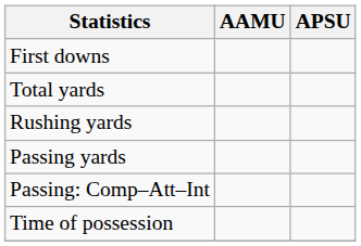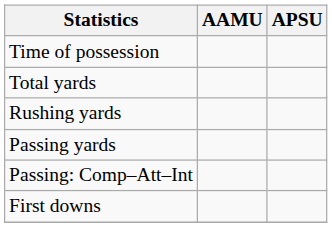 <table class="wikitable" style="float: left;">
 <tr>
 <th>Statistics</th>
 <th>AAMU</th>
 <th>APSU</th>
 </tr>
 <tr>
-<td>First downs</td>
+<td>Time of possession</td>
 <td></td>
 <td></td>
 </tr>
 <tr>
 <td>Total yards</td>
 <td></td>
 <td></td>
 </tr>
 <tr>
 <td>Rushing yards</td>
 <td></td>
 <td></td>
 </tr>
 <tr>
 <td>Passing yards</td>
 <td></td>
 <td></td>
 </tr>
 <tr>
 <td>Passing: Comp–Att–Int</td>
 <td></td>
 <td></td>
 </tr>
 <tr>
-<td>Time of possession</td>
+<td>First downs</td>
 <td></td>
 <td></td>
 </tr>
 <tr>
 </tr>
 </table>
